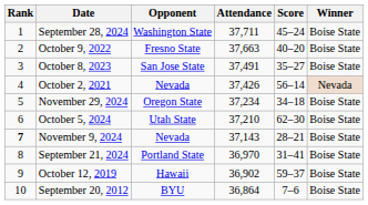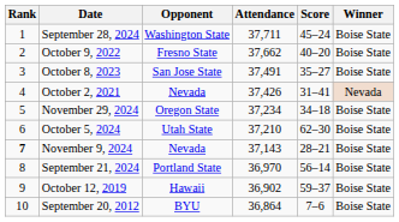 <table class="sortable wikitable" style="text-align:center">
 <tr>
 <th>Rank</th>
 <th>Date</th>
 <th>Opponent</th>
 <th>Attendance</th>
 <th>Score</th>
 <th>Winner</th>
 </tr>
 <tr>
 <td>1</td>
 <td align=left>September 28, <a href='#'>2024</a></td>
 <td><a href='#'>Washington State</a></td>
 <td>37,711</td>
 <td>45–24</td>
 <td>Boise State</td>
 </tr>
 <tr>
 <td>2</td>
 <td align=left>October 9, <a href='#'>2022</a></td>
 <td><a href='#'>Fresno State</a></td>
-<td>37,663</td>
+<td>37,662</td>
 <td>40–20</td>
 <td>Boise State</td>
 </tr>
 <tr>
 <td>3</td>
 <td align=left>October 8, <a href='#'>2023</a></td>
 <td><a href='#'>San Jose State</a></td>
 <td>37,491</td>
 <td>35–27</td>
 <td>Boise State</td>
 </tr>
 <tr>
 <td>4</td>
 <td align=left>October 2, <a href='#'>2021</a></td>
 <td><a href='#'>Nevada</a></td>
 <td>37,426</td>
-<td>56–14</td>
+<td>31–41</td>
 <td bgcolor="#F1DDCF">Nevada</td>
 </tr>
 <tr>
 <td>5</td>
 <td align=left>November 29, <a href='#'>2024</a></td>
 <td><a href='#'>Oregon State</a></td>
 <td>37,234</td>
 <td>34–18</td>
 <td>Boise State</td>
 </tr>
 <tr>
 <td>6</td>
 <td align=left>October 5, <a href='#'>2024</a></td>
 <td><a href='#'>Utah State</a></td>
 <td>37,210</td>
 <td>62–30</td>
 <td>Boise State</td>
 </tr>
 <tr>
 <td><strong>7</strong></td>
 <td align="left">November 9, <a href='#'>2024</a></td>
 <td><a href='#'>Nevada</a></td>
 <td>37,143</td>
 <td>28–21</td>
 <td>Boise State</td>
 </tr>
 <tr>
 <td>8</td>
 <td align="left">September 21, <a href='#'>2024</a></td>
 <td><a href='#'>Portland State</a></td>
 <td>36,970</td>
-<td>31–41</td>
+<td>56–14</td>
 <td>Boise State</td>
 </tr>
 <tr>
 <td>9</td>
 <td align="left">October 12, <a href='#'>2019</a></td>
 <td><a href='#'>Hawaii</a></td>
 <td>36,902</td>
 <td>59–37</td>
 <td>Boise State</td>
 </tr>
 <tr>
 <td>10</td>
 <td align="left">September 20, <a href='#'>2012</a></td>
 <td><a href='#'>BYU</a></td>
 <td>36,864</td>
 <td>7–6</td>
 <td>Boise State</td>
 </tr>
 </table>
